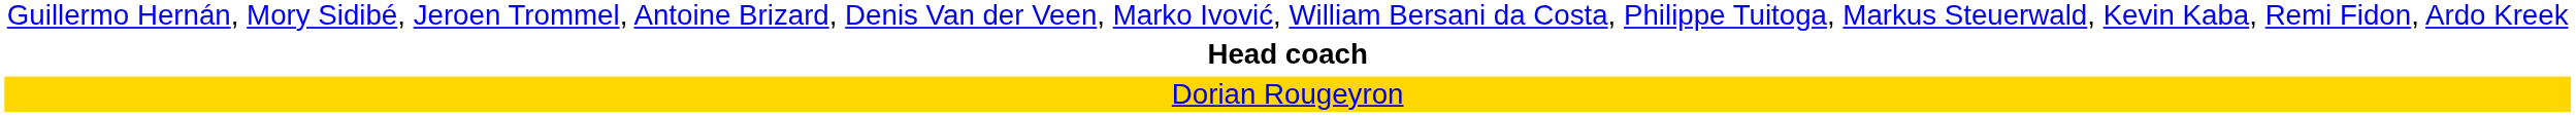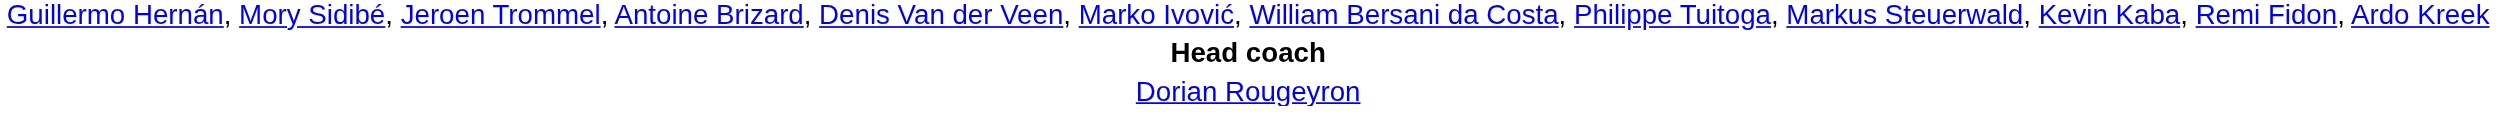 <table style="text-align: center; margin-top: 2em; margin-left: auto; margin-right: auto">
 <tr>
 <td><a href='#'>Guillermo Hernán</a>, <a href='#'>Mory Sidibé</a>, <a href='#'>Jeroen Trommel</a>, <a href='#'>Antoine Brizard</a>, <a href='#'>Denis Van der Veen</a>, <a href='#'>Marko Ivović</a>, <a href='#'>William Bersani da Costa</a>, <a href='#'>Philippe Tuitoga</a>, <a href='#'>Markus Steuerwald</a>, <a href='#'>Kevin Kaba</a>, <a href='#'>Remi Fidon</a>, <a href='#'>Ardo Kreek</a></td>
 </tr>
 <tr>
 <td><strong>Head coach</strong></td>
 </tr>
 <tr>
-<td style="background: gold;"><a href='#'>Dorian Rougeyron</a></td>
+<td><a href='#'>Dorian Rougeyron</a></td>
 </tr>
 </table>
